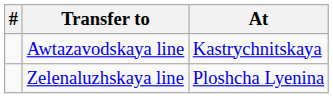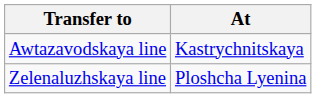 <table class="wikitable" style="border-collapse: collapse; text-align: left;">
 <tr>
-<th>#</th>
 <th>Transfer to</th>
 <th>At</th>
 </tr>
 <tr>
-<td style="background:#"></td>
 <td style="text-align: left;"><a href='#'>Awtazavodskaya line</a></td>
 <td><a href='#'>Kastrychnitskaya</a></td>
 </tr>
 <tr>
-<td style="background:#"></td>
 <td style="text-align: left;"><a href='#'>Zelenaluzhskaya line</a></td>
 <td><a href='#'>Ploshcha Lyenina</a></td>
 </tr>
 </table>
